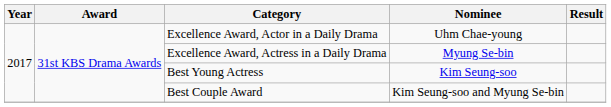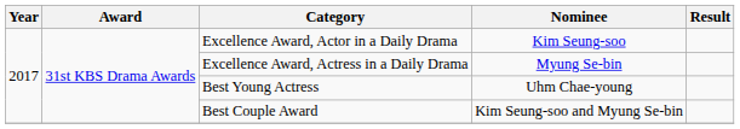 <table class="wikitable">
 <tr>
 <th>Year</th>
 <th>Award</th>
 <th>Category</th>
 <th>Nominee</th>
 <th>Result</th>
 </tr>
 <tr>
 <td rowspan="4" style="text-align:center;">2017</td>
 <td rowspan="4"><a href='#'>31st KBS Drama Awards</a></td>
 <td>Excellence Award, Actor in a Daily Drama</td>
-<td style="text-align:center;">Uhm Chae-young</td>
+<td style="text-align:center;"><a href='#'>Kim Seung-soo</a></td>
 <td></td>
 </tr>
 <tr>
 <td>Excellence Award, Actress in a Daily Drama</td>
 <td style="text-align:center;"><a href='#'>Myung Se-bin</a></td>
 <td></td>
 </tr>
 <tr>
 <td>Best Young Actress</td>
-<td style="text-align:center;"><a href='#'>Kim Seung-soo</a></td>
+<td style="text-align:center;">Uhm Chae-young</td>
 <td></td>
 </tr>
 <tr>
 <td>Best Couple Award</td>
 <td style="text-align:center;">Kim Seung-soo and Myung Se-bin</td>
 <td></td>
 </tr>
 <tr>
 </tr>
 </table>
